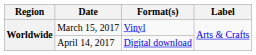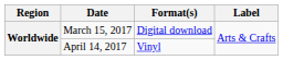 <table class="wikitable plainrowheaders">
 <tr>
 <th scope="col">Region</th>
 <th scope="col">Date</th>
 <th scope="col">Format(s)</th>
 <th scope="col">Label</th>
 </tr>
 <tr>
 <th scope="row" rowspan=2>Worldwide</th>
 <td>March 15, 2017</td>
-<td><a href='#'>Vinyl</a></td>
+<td><a href='#'>Digital download</a></td>
 <td rowspan=2><a href='#'>Arts & Crafts</a></td>
 </tr>
 <tr>
 <td>April 14, 2017</td>
-<td><a href='#'>Digital download</a></td>
+<td><a href='#'>Vinyl</a></td>
 </tr>
 </table>
